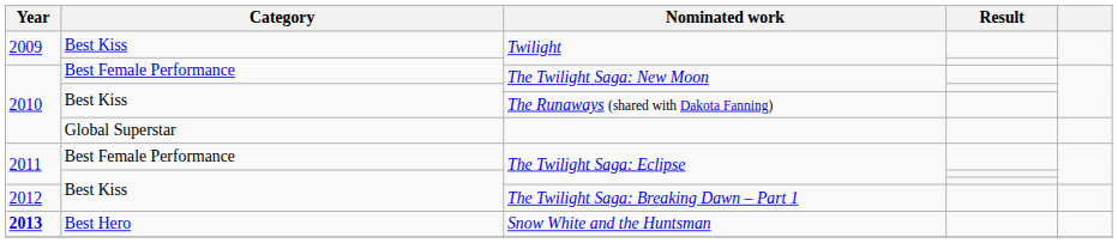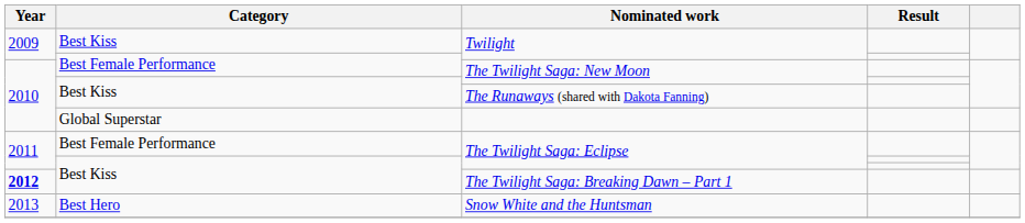 <table class="wikitable" style="width:85%;">
 <tr>
 <th width=5%>Year</th>
 <th style="width:40%;">Category</th>
 <th style="width:40%;">Nominated work</th>
 <th style="width:10%;">Result</th>
 <th width=5%></th>
 </tr>
 <tr>
 <td rowspan=2><a href='#'>2009</a></td>
 <td><a href='#'>Best Kiss</a></td>
 <td rowspan=2><em><a href='#'>Twilight</a></em></td>
 <td> </td>
 <td rowspan="2"></td>
 </tr>
 <tr>
 <td rowspan="2"><a href='#'>Best Female Performance</a></td>
 <td></td>
 </tr>
 <tr>
 <td rowspan=4><a href='#'>2010</a></td>
 <td rowspan="2"><em><a href='#'>The Twilight Saga: New Moon</a></em></td>
 <td></td>
 <td rowspan="3"></td>
 </tr>
 <tr>
 <td rowspan="2">Best Kiss</td>
 <td> </td>
 </tr>
 <tr>
 <td><em><a href='#'>The Runaways</a></em> <small>(shared with <a href='#'>Dakota Fanning</a>)</small></td>
 <td></td>
 </tr>
 <tr>
 <td>Global Superstar</td>
 <td></td>
 <td></td>
 </tr>
 <tr>
 <td rowspan=3><a href='#'>2011</a></td>
 <td>Best Female Performance</td>
 <td rowspan=3><em><a href='#'>The Twilight Saga: Eclipse</a></em></td>
 <td></td>
 <td rowspan="3"></td>
 </tr>
 <tr>
 <td rowspan="3">Best Kiss</td>
 <td> </td>
 </tr>
 <tr>
 <td> </td>
 </tr>
 <tr>
-<td><a href='#'>2012</a></td>
+<td><strong><a href='#'>2012</a></strong></td>
 <td><em><a href='#'>The Twilight Saga: Breaking Dawn – Part 1</a></em></td>
 <td> </td>
 <td></td>
 </tr>
 <tr>
-<td><strong><a href='#'>2013</a></strong></td>
+<td><a href='#'>2013</a></td>
 <td><a href='#'>Best Hero</a></td>
 <td><em><a href='#'>Snow White and the Huntsman</a></em></td>
 <td></td>
 <td></td>
 </tr>
 <tr>
 </tr>
 </table>
